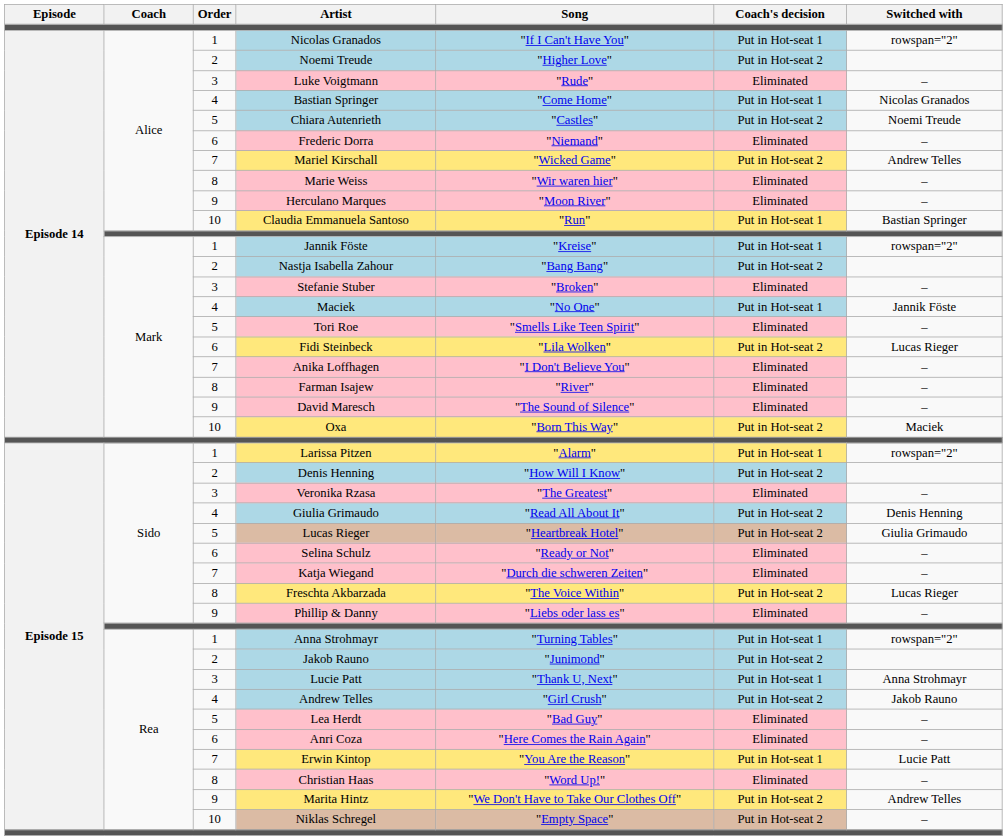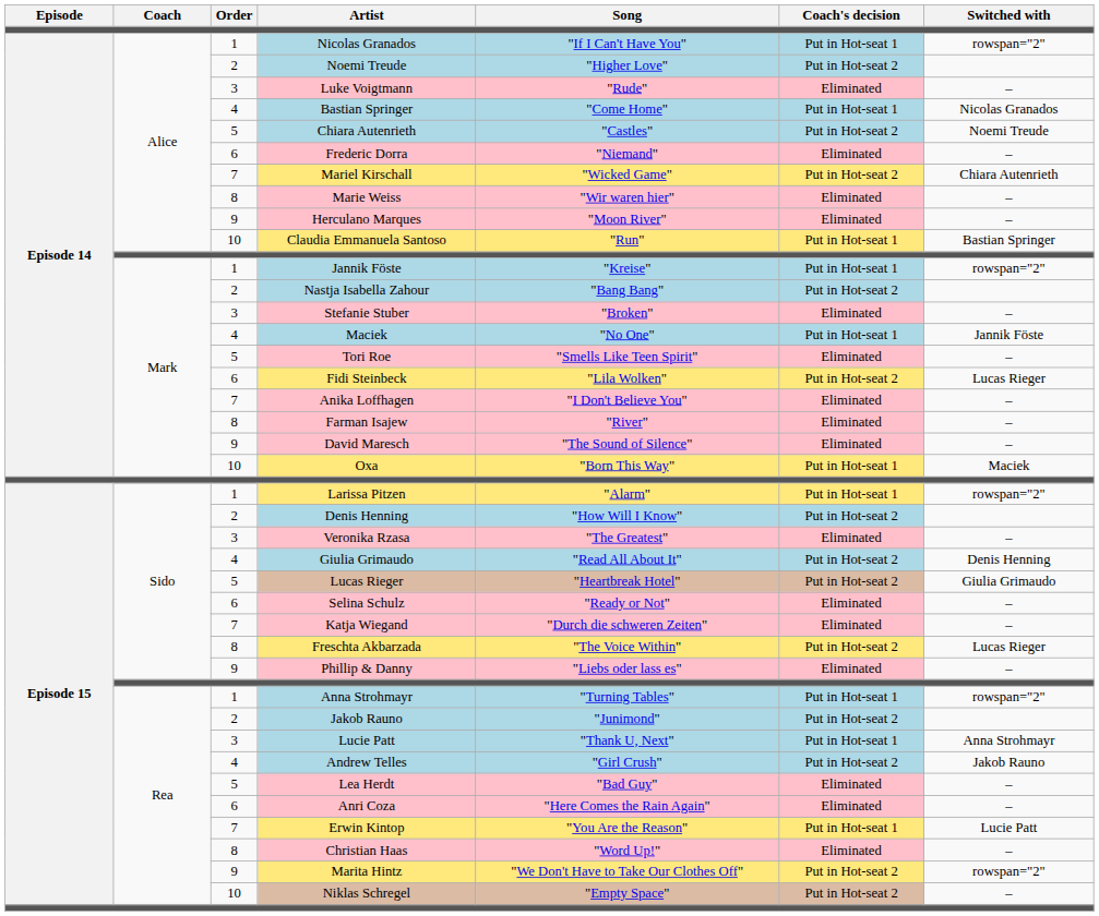 <table class="wikitable plainrowheaders" style="text-align: center; width:100%;">
 <tr>
 <th scope="col" style="width:09%;">Episode</th>
 <th style="width:08%;">Coach</th>
 <th style="width:03%;">Order</th>
 <th style="width:18%;">Artist</th>
 <th style="width:25%;">Song</th>
 <th style="width:12%;">Coach's decision</th>
 <th style="width:14%;">Switched with</th>
 </tr>
 <tr>
 <td colspan="11" style="background:#555;"></td>
 </tr>
 <tr>
 <th rowspan="21">Episode 14<br><small></small></th>
 <td rowspan="10">Alice</td>
 <td>1</td>
 <td style="background:lightblue;">Nicolas Granados</td>
 <td style="background:lightblue;">"<a href='#'>If I Can't Have You</a>"</td>
 <td style="background:lightblue;">Put in Hot-seat 1</td>
 <td>rowspan="2" </td>
 </tr>
 <tr>
 <td>2</td>
 <td style="background:lightblue;">Noemi Treude</td>
 <td style="background:lightblue;">"<a href='#'>Higher Love</a>"</td>
 <td style="background:lightblue;">Put in Hot-seat 2</td>
 </tr>
 <tr>
 <td>3</td>
 <td style="background:pink;">Luke Voigtmann</td>
 <td style="background:pink;">"<a href='#'>Rude</a>"</td>
 <td style="background:pink;">Eliminated</td>
 <td>–</td>
 </tr>
 <tr>
 <td>4</td>
 <td style="background:lightblue;">Bastian Springer</td>
 <td style="background:lightblue;">"<a href='#'>Come Home</a>"</td>
 <td style="background:lightblue;">Put in Hot-seat 1</td>
 <td>Nicolas Granados</td>
 </tr>
 <tr>
 <td>5</td>
 <td style="background:lightblue;">Chiara Autenrieth</td>
 <td style="background:lightblue;">"<a href='#'>Castles</a>"</td>
 <td style="background:lightblue;">Put in Hot-seat 2</td>
 <td>Noemi Treude</td>
 </tr>
 <tr>
 <td>6</td>
 <td style="background:pink;">Frederic Dorra</td>
 <td style="background:pink;">"<a href='#'>Niemand</a>"</td>
 <td style="background:pink;">Eliminated</td>
 <td>–</td>
 </tr>
 <tr>
 <td>7</td>
 <td style="background:#FFE87C;">Mariel Kirschall</td>
 <td style="background:#FFE87C;">"<a href='#'>Wicked Game</a>"</td>
 <td style="background:#FFE87C;">Put in Hot-seat 2</td>
-<td>Andrew Telles</td>
+<td>Chiara Autenrieth</td>
 </tr>
 <tr>
 <td>8</td>
 <td style="background:pink;">Marie Weiss</td>
 <td style="background:pink;">"<a href='#'>Wir waren hier</a>"</td>
 <td style="background:pink;">Eliminated</td>
 <td>–</td>
 </tr>
 <tr>
 <td>9</td>
 <td style="background:pink;">Herculano Marques</td>
 <td style="background:pink;">"<a href='#'>Moon River</a>"</td>
 <td style="background:pink;">Eliminated</td>
 <td>–</td>
 </tr>
 <tr>
 <td>10</td>
 <td style="background:#FFE87C;">Claudia Emmanuela Santoso</td>
 <td style="background:#FFE87C;">"<a href='#'>Run</a>"</td>
 <td style="background:#FFE87C;">Put in Hot-seat 1</td>
 <td>Bastian Springer</td>
 </tr>
 <tr>
 <td colspan="6" style="background:#555;"></td>
 </tr>
 <tr>
 <td rowspan="10">Mark</td>
 <td>1</td>
 <td style="background:lightblue;">Jannik Föste</td>
 <td style="background:lightblue;">"<a href='#'>Kreise</a>"</td>
 <td style="background:lightblue;">Put in Hot-seat 1</td>
 <td>rowspan="2" </td>
 </tr>
 <tr>
 <td>2</td>
 <td style="background:lightblue;">Nastja Isabella Zahour</td>
 <td style="background:lightblue;">"<a href='#'>Bang Bang</a>"</td>
 <td style="background:lightblue;">Put in Hot-seat 2</td>
 </tr>
 <tr>
 <td>3</td>
 <td style="background:pink;">Stefanie Stuber</td>
 <td style="background:pink;">"<a href='#'>Broken</a>"</td>
 <td style="background:pink;">Eliminated</td>
 <td>–</td>
 </tr>
 <tr>
 <td>4</td>
 <td style="background:lightblue;">Maciek</td>
 <td style="background:lightblue;">"<a href='#'>No One</a>"</td>
 <td style="background:lightblue;">Put in Hot-seat 1</td>
 <td>Jannik Föste</td>
 </tr>
 <tr>
 <td>5</td>
 <td style="background:pink;">Tori Roe</td>
 <td style="background:pink;">"<a href='#'>Smells Like Teen Spirit</a>"</td>
 <td style="background:pink;">Eliminated</td>
 <td>–</td>
 </tr>
 <tr>
 <td>6</td>
 <td style="background:#FFE87C;">Fidi Steinbeck</td>
 <td style="background:#FFE87C;">"<a href='#'>Lila Wolken</a>"</td>
 <td style="background:#FFE87C;">Put in Hot-seat 2</td>
 <td>Lucas Rieger</td>
 </tr>
 <tr>
 <td>7</td>
 <td style="background:pink;">Anika Loffhagen</td>
 <td style="background:pink;">"<a href='#'>I Don't Believe You</a>"</td>
 <td style="background:pink;">Eliminated</td>
 <td>–</td>
 </tr>
 <tr>
 <td>8</td>
 <td style="background:pink;">Farman Isajew</td>
 <td style="background:pink;">"<a href='#'>River</a>"</td>
 <td style="background:pink;">Eliminated</td>
 <td>–</td>
 </tr>
 <tr>
 <td>9</td>
 <td style="background:pink;">David Maresch</td>
 <td style="background:pink;">"<a href='#'>The Sound of Silence</a>"</td>
 <td style="background:pink;">Eliminated</td>
 <td>–</td>
 </tr>
 <tr>
 <td>10</td>
 <td style="background:#FFE87C;">Oxa</td>
 <td style="background:#FFE87C;">"<a href='#'>Born This Way</a>"</td>
-<td style="background:#FFE87C;">Put in Hot-seat 2</td>
+<td style="background:#FFE87C;">Put in Hot-seat 1</td>
 <td>Maciek</td>
 </tr>
 <tr>
 <td colspan="11" style="background:#555;"></td>
 </tr>
 <tr>
 <th rowspan="20">Episode 15<br><small></small></th>
 <td rowspan="9">Sido</td>
 <td>1</td>
 <td style="background:#FFE87C;">Larissa Pitzen</td>
 <td style="background:#FFE87C;">"<a href='#'>Alarm</a>"</td>
 <td style="background:#FFE87C;">Put in Hot-seat 1</td>
 <td>rowspan="2" </td>
 </tr>
 <tr>
 <td>2</td>
 <td style="background:lightblue;">Denis Henning</td>
 <td style="background:lightblue;">"<a href='#'>How Will I Know</a>"</td>
 <td style="background:lightblue;">Put in Hot-seat 2</td>
 </tr>
 <tr>
 <td>3</td>
 <td style="background:pink;">Veronika Rzasa</td>
 <td style="background:pink;">"<a href='#'>The Greatest</a>"</td>
 <td style="background:pink;">Eliminated</td>
 <td>–</td>
 </tr>
 <tr>
 <td>4</td>
 <td style="background:lightblue;">Giulia Grimaudo</td>
 <td style="background:lightblue;">"<a href='#'>Read All About It</a>"</td>
 <td style="background:lightblue;">Put in Hot-seat 2</td>
 <td>Denis Henning</td>
 </tr>
 <tr>
 <td>5</td>
 <td style="background:#dbbba4;">Lucas Rieger</td>
 <td style="background:#dbbba4;">"<a href='#'>Heartbreak Hotel</a>"</td>
 <td style="background:#dbbba4;">Put in Hot-seat 2</td>
 <td>Giulia Grimaudo</td>
 </tr>
 <tr>
 <td>6</td>
 <td style="background:pink;">Selina Schulz</td>
 <td style="background:pink;">"<a href='#'>Ready or Not</a>"</td>
 <td style="background:pink;">Eliminated</td>
 <td>–</td>
 </tr>
 <tr>
 <td>7</td>
 <td style="background:pink;">Katja Wiegand</td>
 <td style="background:pink;">"<a href='#'>Durch die schweren Zeiten</a>"</td>
 <td style="background:pink;">Eliminated</td>
 <td>–</td>
 </tr>
 <tr>
 <td>8</td>
 <td style="background:#FFE87C;">Freschta Akbarzada</td>
 <td style="background:#FFE87C;">"<a href='#'>The Voice Within</a>"</td>
 <td style="background:#FFE87C;">Put in Hot-seat 2</td>
 <td>Lucas Rieger</td>
 </tr>
 <tr>
 <td>9</td>
 <td style="background:pink;">Phillip & Danny</td>
 <td style="background:pink;">"<a href='#'>Liebs oder lass es</a>"</td>
 <td style="background:pink;">Eliminated</td>
 <td>–</td>
 </tr>
 <tr>
 <td colspan="6" style="background:#555;"></td>
 </tr>
 <tr>
 <td rowspan="10">Rea</td>
 <td>1</td>
 <td style="background:lightblue;">Anna Strohmayr</td>
 <td style="background:lightblue;">"<a href='#'>Turning Tables</a>"</td>
 <td style="background:lightblue;">Put in Hot-seat 1</td>
 <td>rowspan="2" </td>
 </tr>
 <tr>
 <td>2</td>
 <td style="background:lightblue;">Jakob Rauno</td>
 <td style="background:lightblue;">"<a href='#'>Junimond</a>"</td>
 <td style="background:lightblue;">Put in Hot-seat 2</td>
 </tr>
 <tr>
 <td>3</td>
 <td style="background:lightblue;">Lucie Patt</td>
 <td style="background:lightblue;">"<a href='#'>Thank U, Next</a>"</td>
 <td style="background:lightblue;">Put in Hot-seat 1</td>
 <td>Anna Strohmayr</td>
 </tr>
 <tr>
 <td>4</td>
 <td style="background:lightblue;">Andrew Telles</td>
 <td style="background:lightblue;">"<a href='#'>Girl Crush</a>"</td>
 <td style="background:lightblue;">Put in Hot-seat 2</td>
 <td>Jakob Rauno</td>
 </tr>
 <tr>
 <td>5</td>
 <td style="background:pink;">Lea Herdt</td>
 <td style="background:pink;">"<a href='#'>Bad Guy</a>"</td>
 <td style="background:pink;">Eliminated</td>
 <td>–</td>
 </tr>
 <tr>
 <td>6</td>
 <td style="background:pink;">Anri Coza</td>
 <td style="background:pink;">"<a href='#'>Here Comes the Rain Again</a>"</td>
 <td style="background:pink;">Eliminated</td>
 <td>–</td>
 </tr>
 <tr>
 <td>7</td>
 <td style="background:#FFE87C;">Erwin Kintop</td>
 <td style="background:#FFE87C;">"<a href='#'>You Are the Reason</a>"</td>
 <td style="background:#FFE87C;">Put in Hot-seat 1</td>
 <td>Lucie Patt</td>
 </tr>
 <tr>
 <td>8</td>
 <td style="background:pink;">Christian Haas</td>
 <td style="background:pink;">"<a href='#'>Word Up!</a>"</td>
 <td style="background:pink;">Eliminated</td>
 <td>–</td>
 </tr>
 <tr>
 <td>9</td>
 <td style="background:#FFE87C;">Marita Hintz</td>
 <td style="background:#FFE87C;">"<a href='#'>We Don't Have to Take Our Clothes Off</a>"</td>
 <td style="background:#FFE87C;">Put in Hot-seat 2</td>
-<td>Andrew Telles</td>
+<td>rowspan="2" </td>
 </tr>
 <tr>
 <td>10</td>
 <td style="background:#dbbba4;">Niklas Schregel</td>
 <td style="background:#dbbba4;">"<a href='#'>Empty Space</a>"</td>
 <td style="background:#dbbba4;">Put in Hot-seat 2</td>
 <td>–</td>
 </tr>
 <tr>
 <td colspan="11" style="background:#555;"></td>
 </tr>
 <tr>
 </tr>
 </table>
